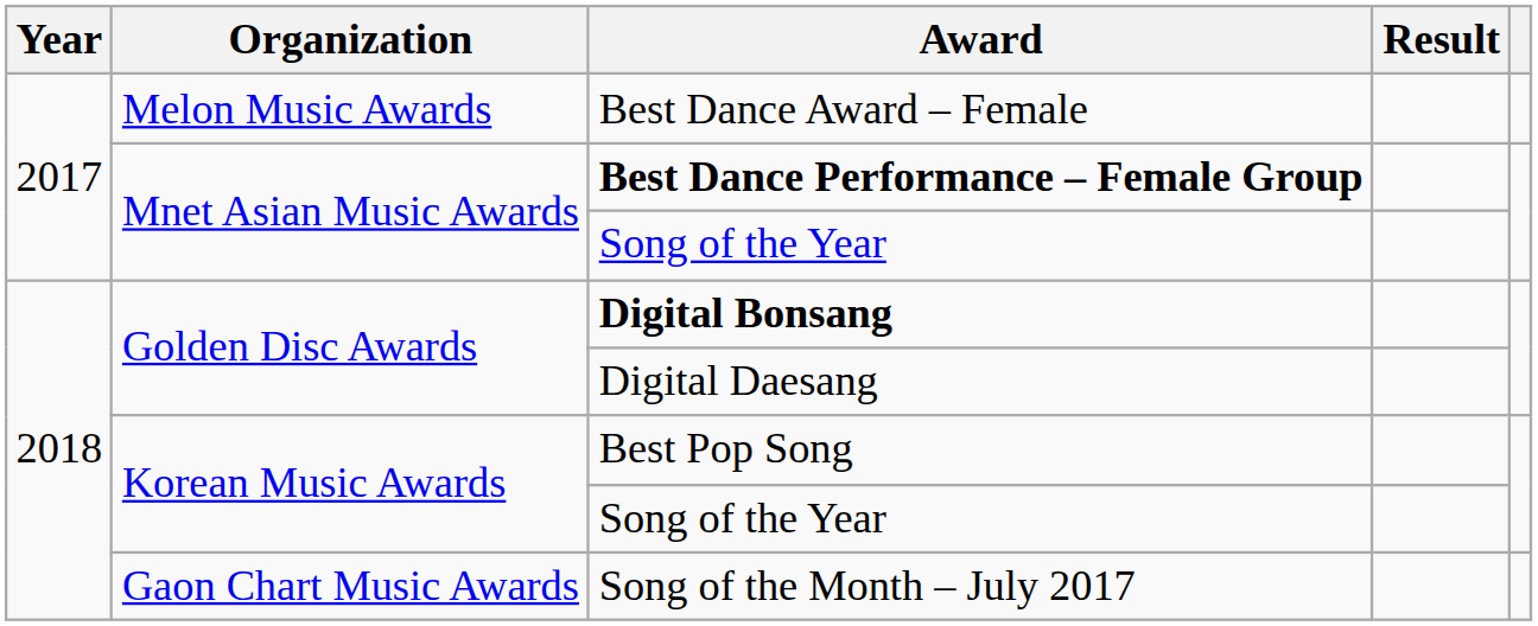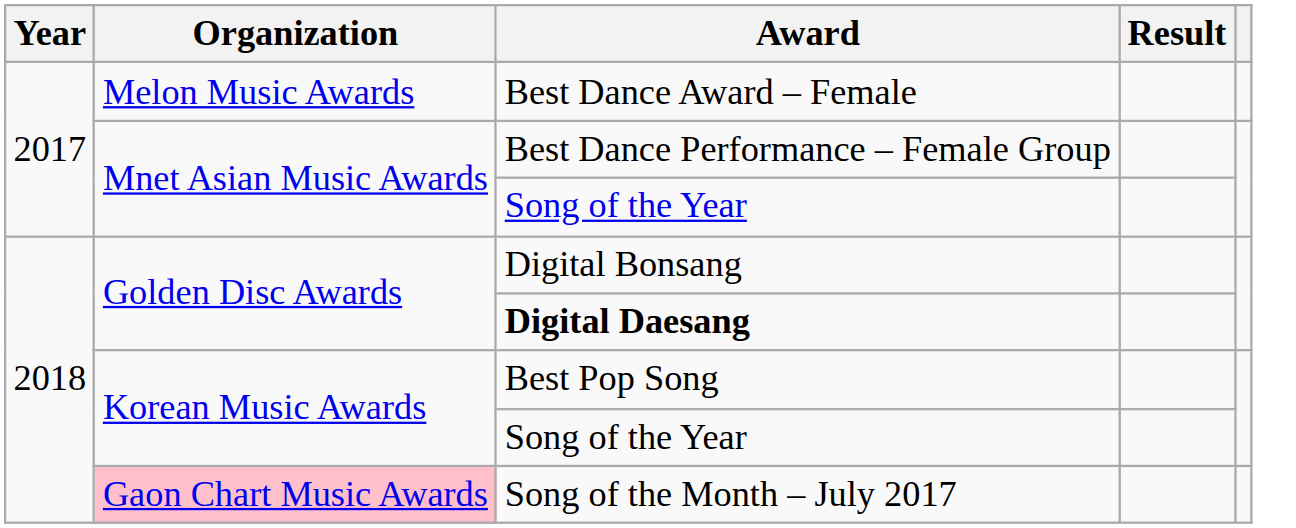 <table class="wikitable sortable plainrowheaders">
 <tr>
 <th scope="col">Year</th>
 <th scope="col">Organization</th>
 <th scope="col">Award</th>
 <th scope="col">Result</th>
 <th class="unsortable"></th>
 </tr>
 <tr>
 <td rowspan="3">2017</td>
 <td><a href='#'>Melon Music Awards</a></td>
 <td>Best Dance Award – Female</td>
 <td></td>
 <td style="text-align:center;"></td>
 </tr>
 <tr>
 <td rowspan="2"><a href='#'>Mnet Asian Music Awards</a></td>
-<td><strong>Best Dance Performance – Female Group</strong></td>
+<td>Best Dance Performance – Female Group</td>
 <td></td>
 <td style="text-align:center;" rowspan="2"></td>
 </tr>
 <tr>
 <td><a href='#'>Song of the Year</a></td>
 <td></td>
 </tr>
 <tr>
 <td rowspan="5">2018</td>
 <td rowspan="2"><a href='#'>Golden Disc Awards</a></td>
-<td><strong>Digital Bonsang</strong></td>
+<td>Digital Bonsang</td>
 <td></td>
 <td style="text-align:center;" rowspan="2"></td>
 </tr>
 <tr>
-<td>Digital Daesang</td>
+<td><strong>Digital Daesang</strong></td>
 <td></td>
 </tr>
 <tr>
 <td rowspan="2"><a href='#'>Korean Music Awards</a></td>
 <td>Best Pop Song</td>
 <td></td>
 <td style="text-align:center;" rowspan="2"></td>
 </tr>
 <tr>
 <td>Song of the Year</td>
 <td></td>
 </tr>
 <tr>
-<td><a href='#'>Gaon Chart Music Awards</a></td>
+<td style="background: pink;"><a href='#'>Gaon Chart Music Awards</a></td>
 <td>Song of the Month – July 2017</td>
 <td></td>
 <td style="text-align:center;"></td>
 </tr>
 </table>
